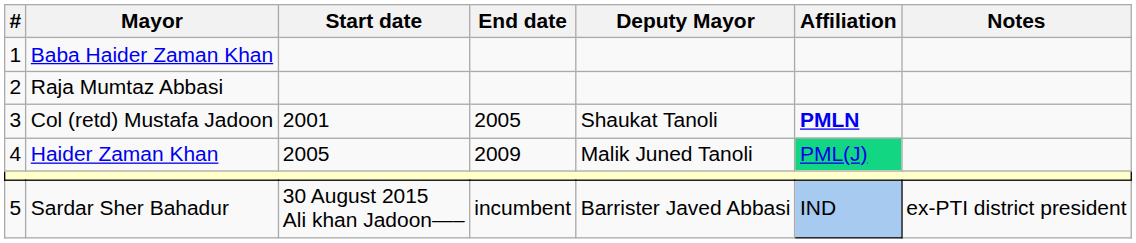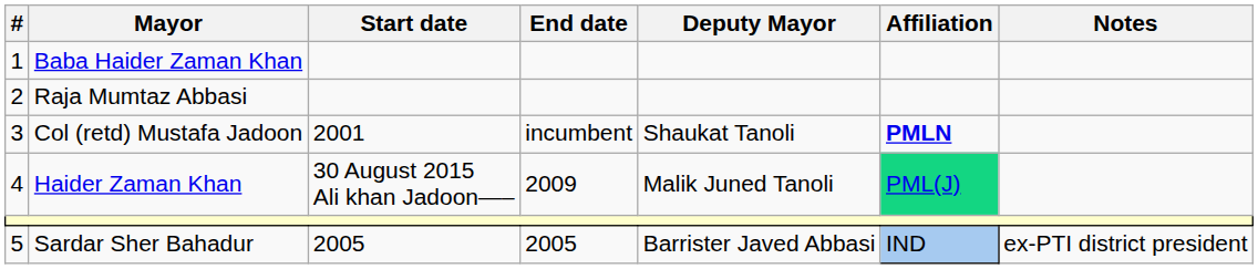 <table class="wikitable">
 <tr>
 <th>#</th>
 <th>Mayor</th>
 <th>Start date</th>
 <th>End date</th>
 <th>Deputy Mayor</th>
 <th>Affiliation</th>
 <th>Notes</th>
 </tr>
 <tr>
 <td>1</td>
 <td><a href='#'>Baba Haider Zaman Khan</a></td>
 <td></td>
 <td></td>
 <td></td>
 <td></td>
 <td></td>
 </tr>
 <tr>
 <td>2</td>
 <td>Raja Mumtaz Abbasi</td>
 <td></td>
 <td></td>
 <td></td>
 <td></td>
 <td></td>
 </tr>
 <tr>
 <td>3</td>
 <td>Col (retd) Mustafa Jadoon</td>
 <td>2001</td>
-<td>2005</td>
+<td>incumbent</td>
 <td>Shaukat Tanoli</td>
 <td style="background: 	"><strong><a href='#'>PMLN</a></strong></td>
 <td></td>
 </tr>
 <tr>
 <td>4</td>
 <td><a href='#'>Haider Zaman Khan</a></td>
-<td>2005</td>
+<td>30 August 2015<br>Ali khan Jadoon—–</td>
 <td>2009</td>
 <td>Malik Juned Tanoli</td>
 <td style="background: 	#13d682;"><a href='#'>PML(J)</a></td>
 <td></td>
 </tr>
 <tr>
 <td colspan="7" style="border: 1px solid black; background: #ffffcc;"></td>
 </tr>
 <tr>
 <td>5</td>
 <td>Sardar Sher Bahadur</td>
-<td>30 August 2015<br>Ali khan Jadoon—–</td>
-<td>incumbent</td>
+<td>2005</td>
+<td>2005</td>
 <td>Barrister Javed Abbasi</td>
 <td style="border: 1px solid black; background: #a6caf0">IND</td>
 <td>ex-PTI district president</td>
 </tr>
 </table>
